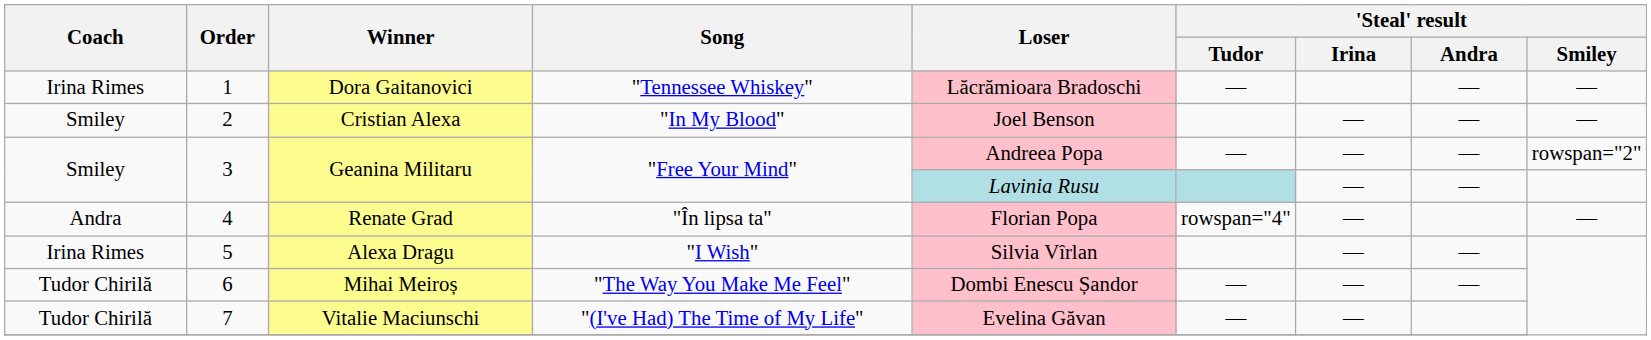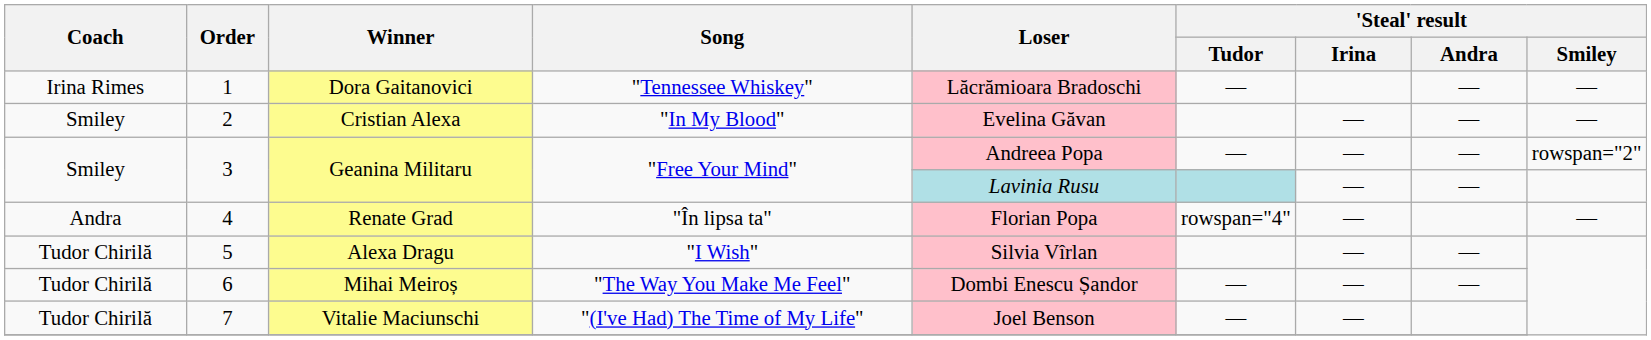 <table class="wikitable" style="text-align: center; width:100%;">
 <tr>
 <th rowspan="2" style="width:11%;">Coach</th>
 <th rowspan="2" style="width:05%;">Order</th>
 <th rowspan="2" style="width:16%;">Winner</th>
 <th rowspan="2" style="width:23%;">Song</th>
 <th rowspan="2" style="width:16%;">Loser</th>
 <th colspan="4" style="width:28%;">'Steal' result</th>
 </tr>
 <tr>
 <th style="width:07%;">Tudor</th>
 <th style="width:07%;">Irina</th>
 <th style="width:07%;">Andra</th>
 <th style="width:07%;">Smiley</th>
 </tr>
 <tr>
 <td>Irina Rimes</td>
 <td>1</td>
 <td bgcolor="#fdfc8f">Dora Gaitanovici</td>
 <td>"<a href='#'>Tennessee Whiskey</a>"</td>
 <td bgcolor="pink">Lăcrămioara Bradoschi</td>
 <td>—</td>
 <td></td>
 <td>—</td>
 <td>—</td>
 </tr>
 <tr>
 <td>Smiley</td>
 <td>2</td>
 <td bgcolor="#fdfc8f">Cristian Alexa</td>
 <td>"<a href='#'>In My Blood</a>"</td>
-<td bgcolor="pink">Joel Benson</td>
+<td bgcolor="pink">Evelina Găvan</td>
 <td></td>
 <td>—</td>
 <td>—</td>
 <td>—</td>
 </tr>
 <tr>
 <td rowspan="2">Smiley</td>
 <td rowspan="2">3</td>
 <td rowspan="2" bgcolor="#fdfc8f">Geanina Militaru</td>
 <td rowspan="2">"<a href='#'>Free Your Mind</a>"</td>
 <td bgcolor="pink">Andreea Popa</td>
 <td>—</td>
 <td>—</td>
 <td>—</td>
 <td>rowspan="2" </td>
 </tr>
 <tr>
 <td bgcolor="#b0e0e6"><em>Lavinia Rusu</em></td>
 <td bgcolor="#b0e0e6"><strong></strong></td>
 <td>—</td>
 <td>—</td>
 </tr>
 <tr>
 <td>Andra</td>
 <td>4</td>
 <td bgcolor="#fdfc8f">Renate Grad</td>
 <td>"În lipsa ta"</td>
 <td bgcolor="pink">Florian Popa</td>
 <td>rowspan="4" </td>
 <td>—</td>
 <td></td>
 <td>—</td>
 </tr>
 <tr>
-<td>Irina Rimes</td>
+<td>Tudor Chirilă</td>
 <td>5</td>
 <td bgcolor="#fdfc8f">Alexa Dragu</td>
 <td>"<a href='#'>I Wish</a>"</td>
 <td bgcolor="pink">Silvia Vîrlan</td>
 <td></td>
 <td>—</td>
 <td>—</td>
 </tr>
 <tr>
 <td>Tudor Chirilă</td>
 <td>6</td>
 <td bgcolor="#fdfc8f">Mihai Meiroș</td>
 <td>"<a href='#'>The Way You Make Me Feel</a>"</td>
 <td bgcolor="pink">Dombi Enescu Șandor</td>
 <td>—</td>
 <td>—</td>
 <td>—</td>
 </tr>
 <tr>
 <td>Tudor Chirilă</td>
 <td>7</td>
 <td bgcolor="#fdfc8f">Vitalie Maciunschi</td>
 <td>"<a href='#'>(I've Had) The Time of My Life</a>"</td>
-<td bgcolor="pink">Evelina Găvan</td>
+<td bgcolor="pink">Joel Benson</td>
 <td>—</td>
 <td>—</td>
 <td></td>
 </tr>
 <tr>
 </tr>
 </table>
